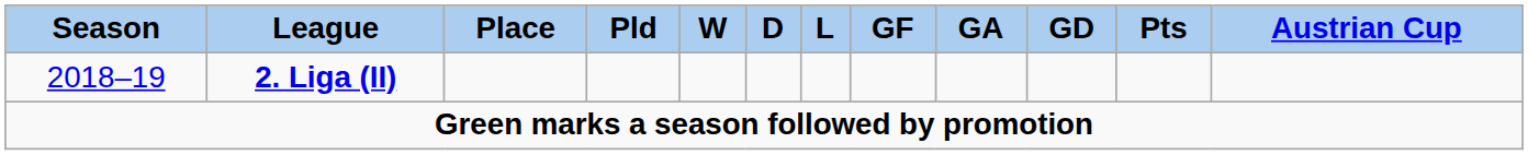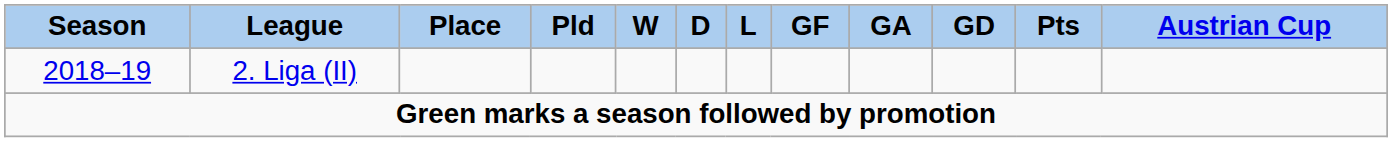 <table class="wikitable" width="800px">
 <tr>
 <th style="background:#ABCDEF;">Season</th>
 <th style="background:#ABCDEF;">League</th>
 <th style="background:#ABCDEF;">Place</th>
 <th style="background:#ABCDEF;">Pld</th>
 <th style="background:#ABCDEF;">W</th>
 <th style="background:#ABCDEF;">D</th>
 <th style="background:#ABCDEF;">L</th>
 <th style="background:#ABCDEF;">GF</th>
 <th style="background:#ABCDEF;">GA</th>
 <th style="background:#ABCDEF;">GD</th>
 <th style="background:#ABCDEF;">Pts</th>
 <th style="background:#ABCDEF;"><a href='#'>Austrian Cup</a></th>
 </tr>
 <tr align="center">
 <td><a href='#'>2018–19</a></td>
-<td><strong><a href='#'>2. Liga (II)</a></strong></td>
+<td><a href='#'>2. Liga (II)</a></td>
 <td></td>
 <td></td>
 <td></td>
 <td></td>
 <td></td>
 <td></td>
 <td></td>
 <td></td>
 <td></td>
 <td></td>
 </tr>
 <tr>
 <td colspan="12" align="center"><strong>Green marks a season followed by promotion</strong></td>
 </tr>
 </table>
